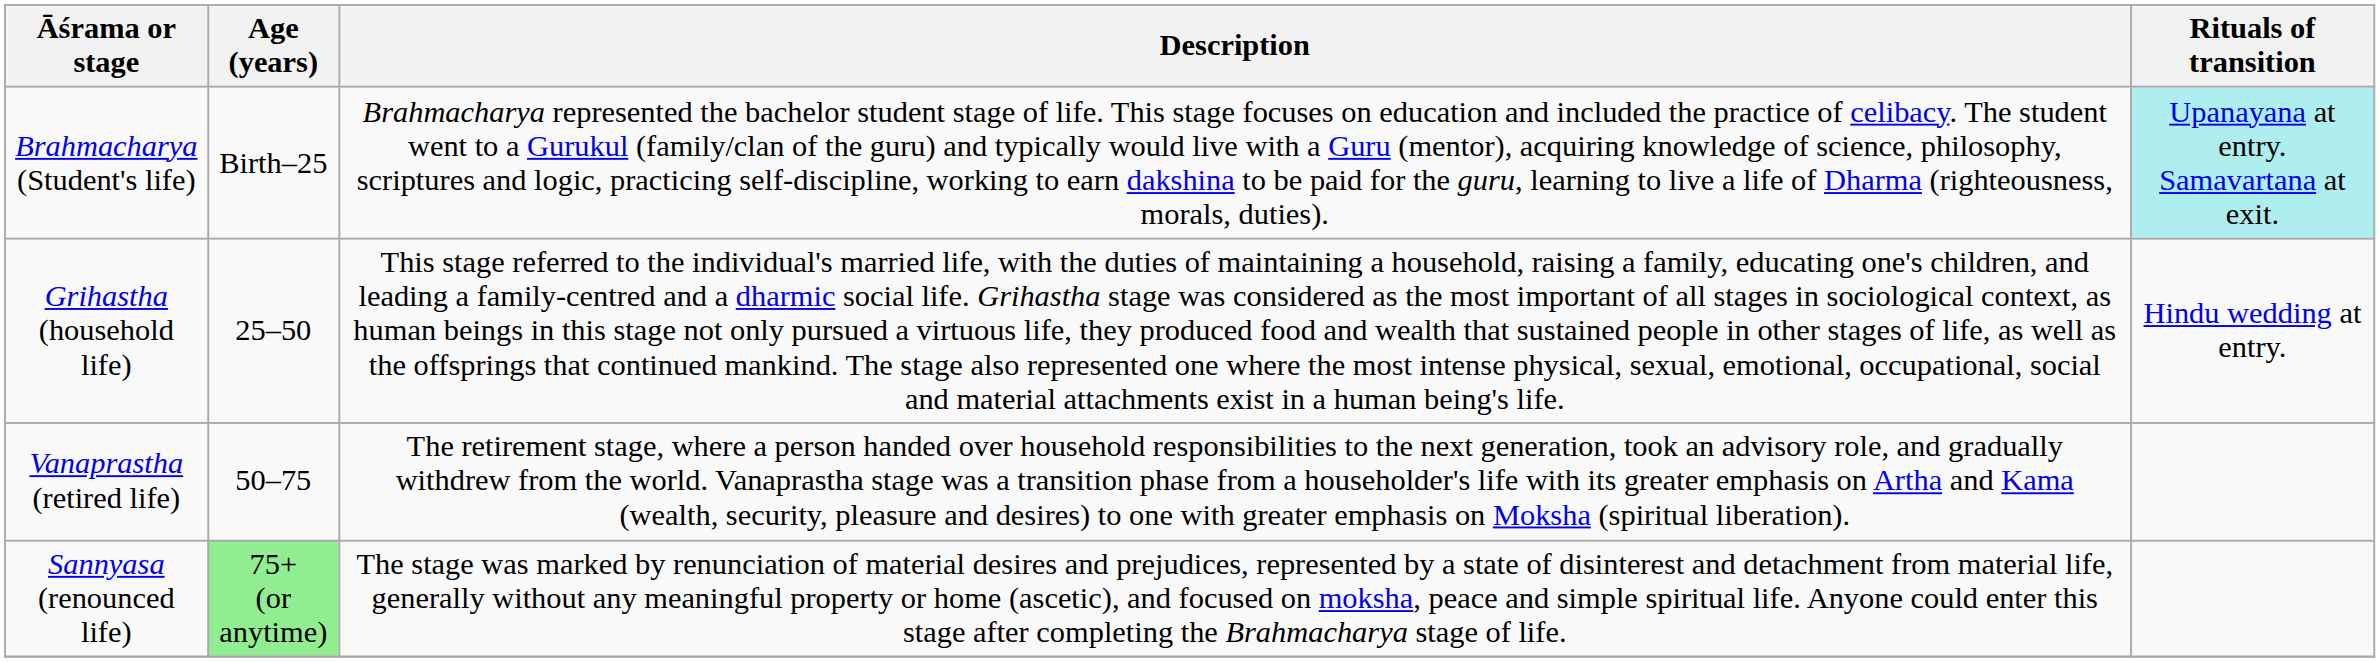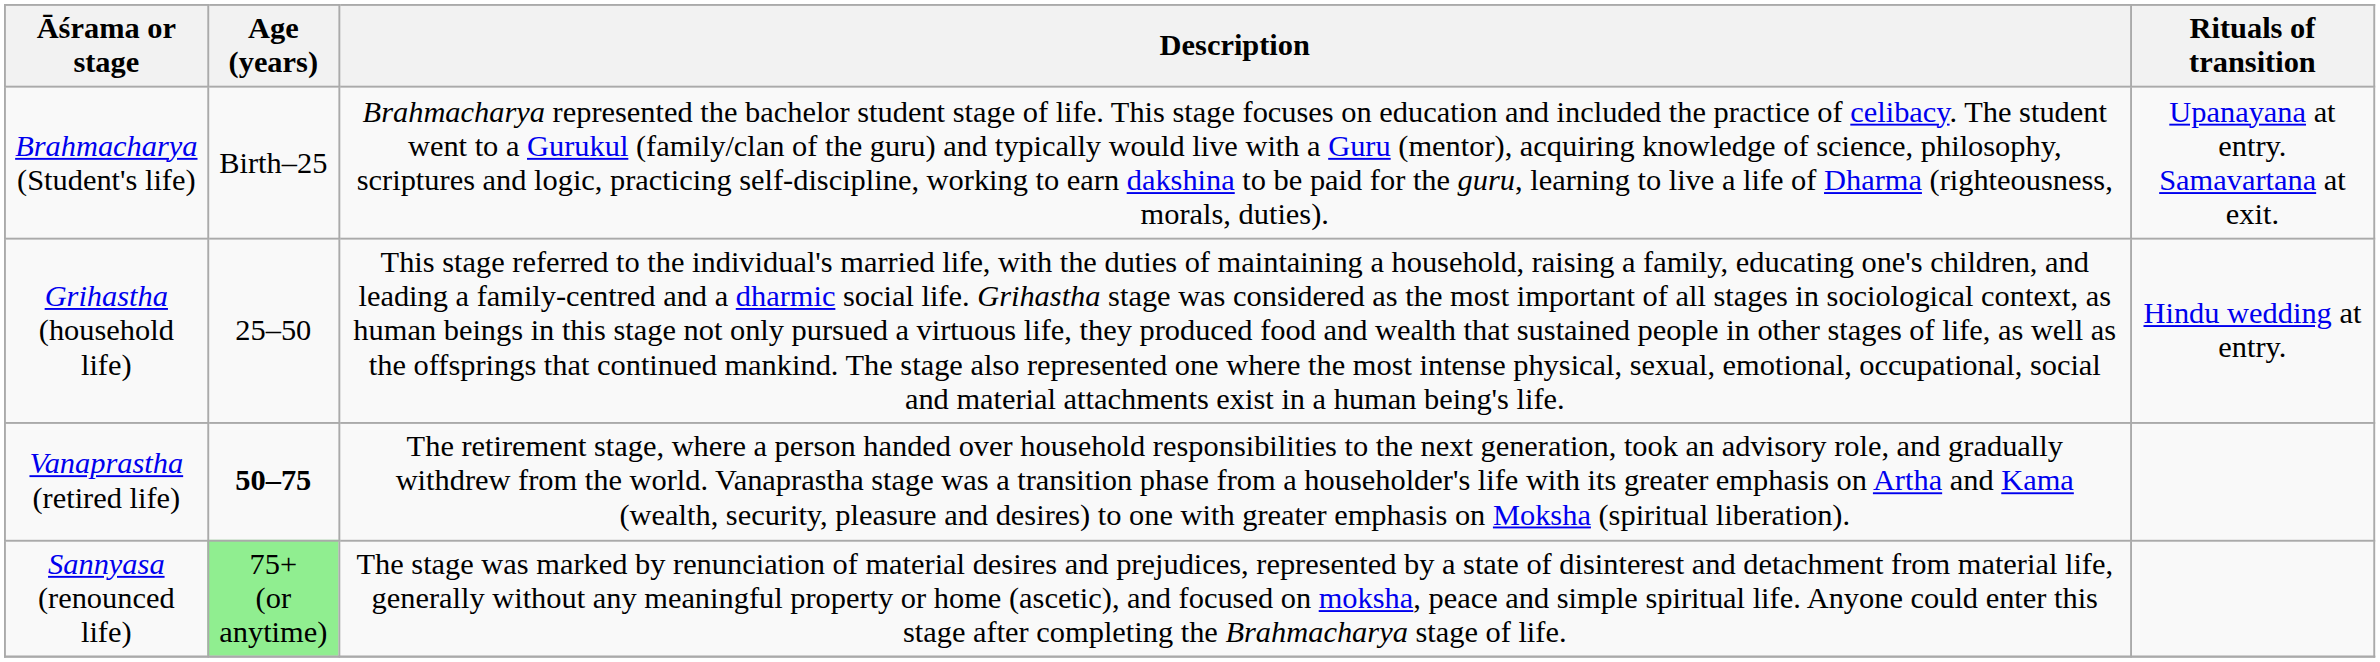 <table class="wikitable" style="text-align:center">
 <tr>
 <th>Āśrama  or stage</th>
 <th>Age (years)</th>
 <th>Description</th>
 <th>Rituals of transition</th>
 </tr>
 <tr>
 <td><em><a href='#'>Brahmacharya</a></em><br>(Student's life)</td>
 <td>Birth–25</td>
 <td><em>Brahmacharya</em> represented the bachelor student stage of life. This stage focuses on education and included the practice of <a href='#'>celibacy</a>. The student went to a <a href='#'>Gurukul</a> (family/clan of the guru) and typically would live with a <a href='#'>Guru</a> (mentor), acquiring knowledge of science, philosophy, scriptures and logic, practicing self-discipline, working to earn <a href='#'>dakshina</a> to be paid for the <em>guru</em>, learning to live a life of <a href='#'>Dharma</a> (righteousness, morals, duties).</td>
-<td style="background: paleturquoise;"><a href='#'>Upanayana</a> at entry. <a href='#'>Samavartana</a> at exit.</td>
+<td><a href='#'>Upanayana</a> at entry. <a href='#'>Samavartana</a> at exit.</td>
 </tr>
 <tr>
 <td><em><a href='#'>Grihastha</a></em><br>(household life)</td>
 <td>25–50</td>
 <td>This stage referred to the individual's married life, with the duties of maintaining a household, raising a family, educating one's children, and leading a family-centred and a <a href='#'>dharmic</a> social life. <em>Grihastha</em> stage was considered as the most important of all stages in sociological context, as human beings in this stage not only pursued a virtuous life, they produced food and wealth that sustained people in other stages of life, as well as the offsprings that continued mankind. The stage also represented one where the most intense physical, sexual, emotional, occupational, social and material attachments exist in a human being's life.</td>
 <td><a href='#'>Hindu wedding</a> at entry.</td>
 </tr>
 <tr>
 <td><em><a href='#'>Vanaprastha</a></em><br>(retired life)</td>
-<td>50–75</td>
+<td><strong>50–75</strong></td>
 <td>The retirement stage, where a person handed over household responsibilities to the next generation, took an advisory role, and gradually withdrew from the world. Vanaprastha stage was a transition phase from a householder's life with its greater emphasis on <a href='#'>Artha</a> and <a href='#'>Kama</a> (wealth, security, pleasure and desires) to one with greater emphasis on <a href='#'>Moksha</a> (spiritual liberation).</td>
 <td></td>
 </tr>
 <tr>
 <td><em><a href='#'>Sannyasa</a></em><br>(renounced life)</td>
 <td style="background: lightgreen;">75+<br>(or anytime)</td>
 <td>The stage was marked by renunciation of material desires and prejudices, represented by a state of disinterest and detachment from material life, generally without any meaningful property or home (ascetic), and focused on <a href='#'>moksha</a>, peace and simple spiritual life. Anyone could enter this stage after completing the <em>Brahmacharya</em> stage of life.</td>
 <td></td>
 </tr>
 <tr>
 </tr>
 </table>
